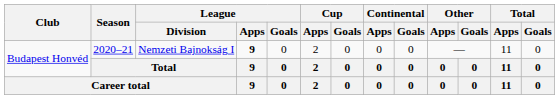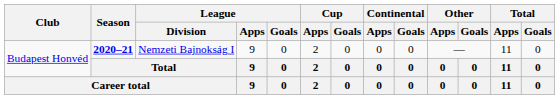 <table class="wikitable" style="text-align:center">
 <tr>
 <th rowspan="2">Club</th>
 <th rowspan="2">Season</th>
 <th colspan="3">League</th>
 <th colspan="2">Cup</th>
 <th colspan="2">Continental</th>
 <th colspan="2">Other</th>
 <th colspan="2">Total</th>
 </tr>
 <tr>
 <th>Division</th>
 <th>Apps</th>
 <th>Goals</th>
 <th>Apps</th>
 <th>Goals</th>
 <th>Apps</th>
 <th>Goals</th>
 <th>Apps</th>
 <th>Goals</th>
 <th>Apps</th>
 <th>Goals</th>
 </tr>
 <tr>
 <td rowspan="2"><a href='#'>Budapest Honvéd</a></td>
-<td><a href='#'>2020–21</a></td>
+<td><strong><a href='#'>2020–21</a></strong></td>
 <td><a href='#'>Nemzeti Bajnokság I</a></td>
-<td><strong>9</strong></td>
+<td>9</td>
 <td>0</td>
 <td>2</td>
 <td>0</td>
 <td>0</td>
 <td>0</td>
 <td colspan="2">—</td>
 <td>11</td>
 <td>0</td>
 </tr>
 <tr>
 <th colspan="2">Total</th>
 <th>9</th>
 <th>0</th>
 <th>2</th>
 <th>0</th>
 <th>0</th>
 <th>0</th>
 <th>0</th>
 <th>0</th>
 <th>11</th>
 <th>0</th>
 </tr>
 <tr>
 <th colspan="3">Career total</th>
 <th>9</th>
 <th>0</th>
 <th>2</th>
 <th>0</th>
 <th>0</th>
 <th>0</th>
 <th>0</th>
 <th>0</th>
 <th>11</th>
 <th>0</th>
 </tr>
 </table>
